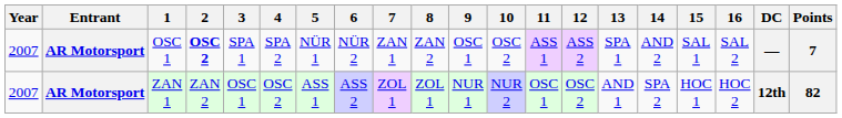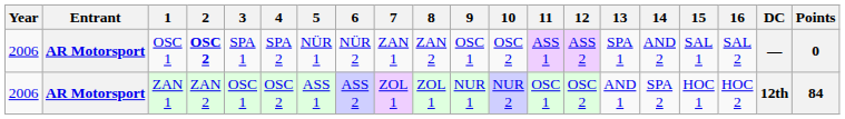 <table class="wikitable" style="text-align:center; font-size:85%">
 <tr>
 <th>Year</th>
 <th>Entrant</th>
 <th>1</th>
 <th>2</th>
 <th>3</th>
 <th>4</th>
 <th>5</th>
 <th>6</th>
 <th>7</th>
 <th>8</th>
 <th>9</th>
 <th>10</th>
 <th>11</th>
 <th>12</th>
 <th>13</th>
 <th>14</th>
 <th>15</th>
 <th>16</th>
 <th>DC</th>
 <th>Points</th>
 </tr>
 <tr>
-<td><a href='#'>2007</a></td>
+<td><a href='#'>2006</a></td>
 <th nowrap><a href='#'>AR Motorsport</a></th>
 <td style="background:#;"><a href='#'>OSC<br>1</a><br></td>
 <td style="background:#;"><strong><a href='#'>OSC<br>2</a><br></strong></td>
 <td style="background:#;"><a href='#'>SPA<br>1</a><br></td>
 <td style="background:#;"><a href='#'>SPA<br>2</a><br></td>
 <td style="background:#;"><a href='#'>NÜR<br>1</a><br></td>
 <td style="background:#;"><a href='#'>NÜR<br>2</a><br></td>
 <td style="background:#;"><a href='#'>ZAN<br>1</a><br></td>
 <td style="background:#;"><a href='#'>ZAN<br>2</a><br></td>
 <td style="background:#;"><a href='#'>OSC<br>1</a><br></td>
 <td style="background:#;"><a href='#'>OSC<br>2</a><br></td>
 <td style="background:#EFCFFF;"><a href='#'>ASS<br>1</a><br></td>
 <td style="background:#EFCFFF;"><a href='#'>ASS<br>2</a><br></td>
 <td style="background:#;"><a href='#'>SPA<br>1</a><br></td>
 <td style="background:#;"><a href='#'>AND<br>2</a><br></td>
 <td style="background:#;"><a href='#'>SAL<br>1</a><br></td>
 <td style="background:#;"><a href='#'>SAL<br>2</a><br></td>
 <th>—</th>
-<th>7</th>
+<th>0</th>
 </tr>
 <tr>
-<td><a href='#'>2007</a></td>
+<td><a href='#'>2006</a></td>
 <th nowrap><a href='#'>AR Motorsport</a></th>
 <td style="background:#dfffdf;"><a href='#'>ZAN<br>1</a><br></td>
 <td style="background:#dfffdf;"><a href='#'>ZAN<br>2</a><br></td>
 <td style="background:#dfffdf;"><a href='#'>OSC<br>1</a><br></td>
 <td style="background:#dfffdf;"><a href='#'>OSC<br>2</a><br></td>
 <td style="background:#dfffdf;"><a href='#'>ASS<br>1</a><br></td>
 <td style="background:#cfcfff;"><a href='#'>ASS<br>2</a><br></td>
 <td style="background:#efcfff;"><a href='#'>ZOL<br>1</a><br></td>
 <td style="background:#dfffdf;"><a href='#'>ZOL<br>1</a><br></td>
 <td style="background:#dfffdf;"><a href='#'>NUR<br>1</a><br></td>
 <td style="background:#cfcfff;"><a href='#'>NUR<br>2</a><br></td>
 <td style="background:#dfffdf;"><a href='#'>OSC<br>1</a><br></td>
 <td style="background:#dfffdf;"><a href='#'>OSC<br>2</a><br></td>
 <td style="background:#;"><a href='#'>AND<br>1</a><br></td>
 <td style="background:#;"><a href='#'>SPA<br>2</a><br></td>
 <td style="background:#;"><a href='#'>HOC<br>1</a><br></td>
 <td style="background:#;"><a href='#'>HOC<br>2</a><br></td>
 <th>12th</th>
-<th>82</th>
+<th>84</th>
 </tr>
 </table>
